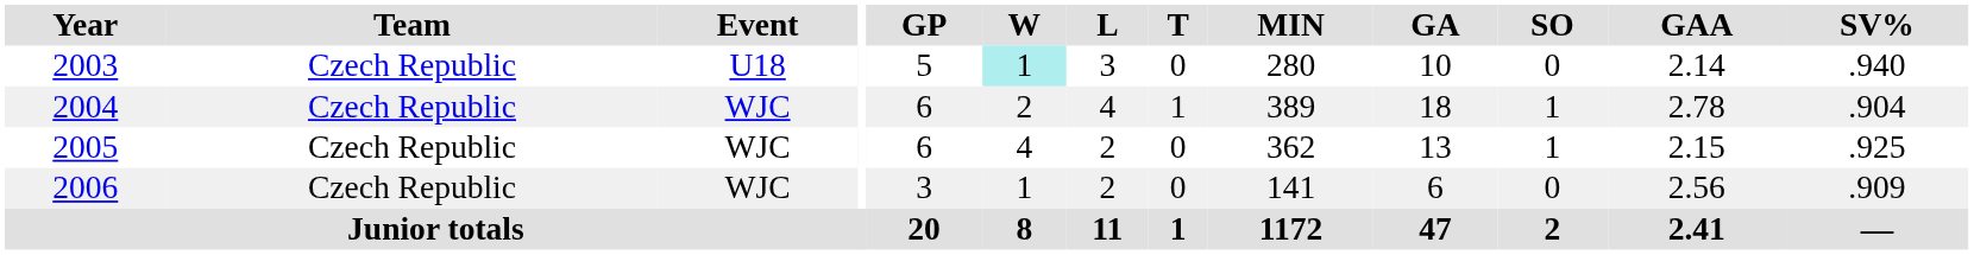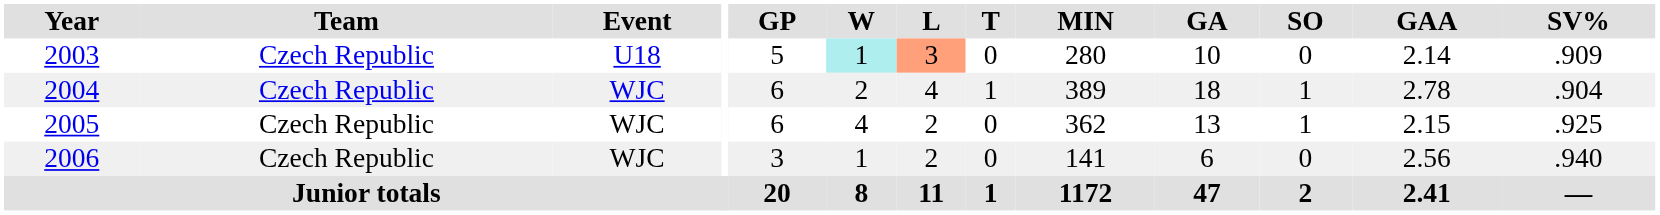 <table border="0" cellpadding="1" cellspacing="0" ID="Table3" style="text-align:center; width:60em">
 <tr ALIGN="center" bgcolor="#e0e0e0">
 <th>Year</th>
 <th>Team</th>
 <th>Event</th>
 <th rowspan="99" bgcolor="#ffffff"></th>
 <th>GP</th>
 <th>W</th>
 <th>L</th>
 <th>T</th>
 <th>MIN</th>
 <th>GA</th>
 <th>SO</th>
 <th>GAA</th>
 <th>SV%</th>
 </tr>
 <tr>
 <td><a href='#'>2003</a></td>
 <td><a href='#'>Czech Republic</a></td>
 <td><a href='#'>U18</a></td>
 <td>5</td>
 <td style="background: paleturquoise;">1</td>
-<td>3</td>
+<td style="background: lightsalmon;">3</td>
 <td>0</td>
 <td>280</td>
 <td>10</td>
 <td>0</td>
 <td>2.14</td>
-<td>.940</td>
+<td>.909</td>
 </tr>
 <tr bgcolor="#f0f0f0">
 <td><a href='#'>2004</a></td>
 <td><a href='#'>Czech Republic</a></td>
 <td><a href='#'>WJC</a></td>
 <td>6</td>
 <td>2</td>
 <td>4</td>
 <td>1</td>
 <td>389</td>
 <td>18</td>
 <td>1</td>
 <td>2.78</td>
 <td>.904</td>
 </tr>
 <tr>
 <td><a href='#'>2005</a></td>
 <td>Czech Republic</td>
 <td>WJC</td>
 <td>6</td>
 <td>4</td>
 <td>2</td>
 <td>0</td>
 <td>362</td>
 <td>13</td>
 <td>1</td>
 <td>2.15</td>
 <td>.925</td>
 </tr>
 <tr bgcolor="#f0f0f0">
 <td><a href='#'>2006</a></td>
 <td>Czech Republic</td>
 <td>WJC</td>
 <td>3</td>
 <td>1</td>
 <td>2</td>
 <td>0</td>
 <td>141</td>
 <td>6</td>
 <td>0</td>
 <td>2.56</td>
-<td>.909</td>
+<td>.940</td>
 </tr>
 <tr bgcolor="#e0e0e0">
 <th colspan=4>Junior totals</th>
 <th>20</th>
 <th>8</th>
 <th>11</th>
 <th>1</th>
 <th>1172</th>
 <th>47</th>
 <th>2</th>
 <th>2.41</th>
 <th>—</th>
 </tr>
 </table>
